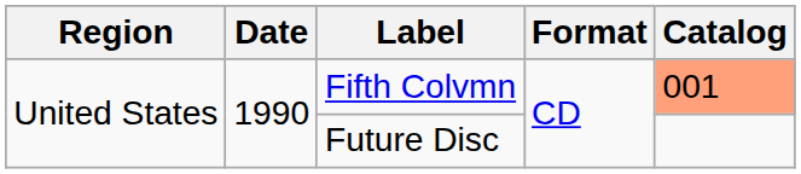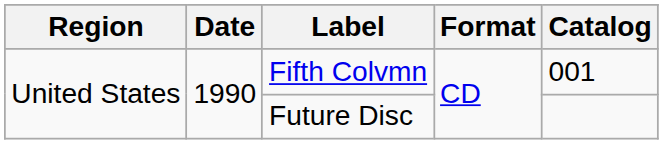 <table class="wikitable">
 <tr>
 <th>Region</th>
 <th>Date</th>
 <th>Label</th>
 <th>Format</th>
 <th>Catalog</th>
 </tr>
 <tr>
 <td rowspan="2">United States</td>
 <td rowspan="2">1990</td>
 <td><a href='#'>Fifth Colvmn</a></td>
 <td rowspan="2"><a href='#'>CD</a></td>
-<td style="background: lightsalmon;">001</td>
+<td>001</td>
 </tr>
 <tr>
 <td>Future Disc</td>
 <td></td>
 </tr>
 </table>
